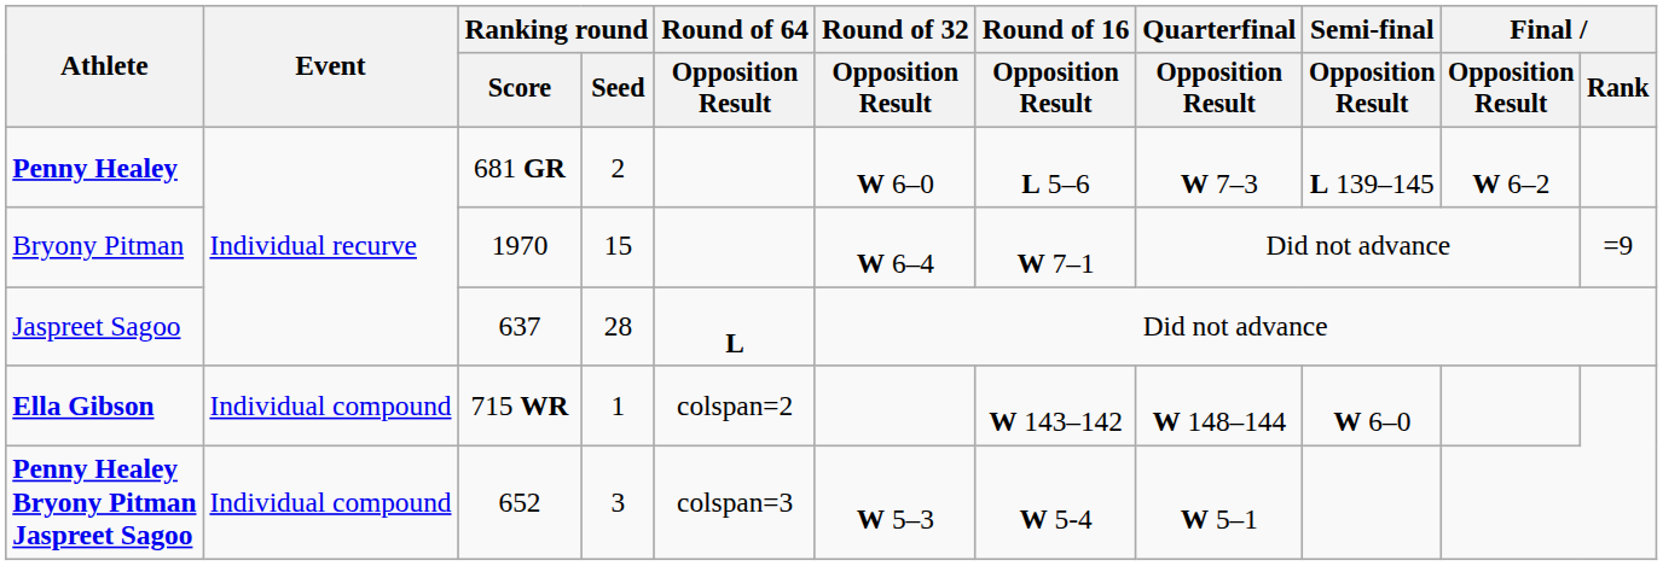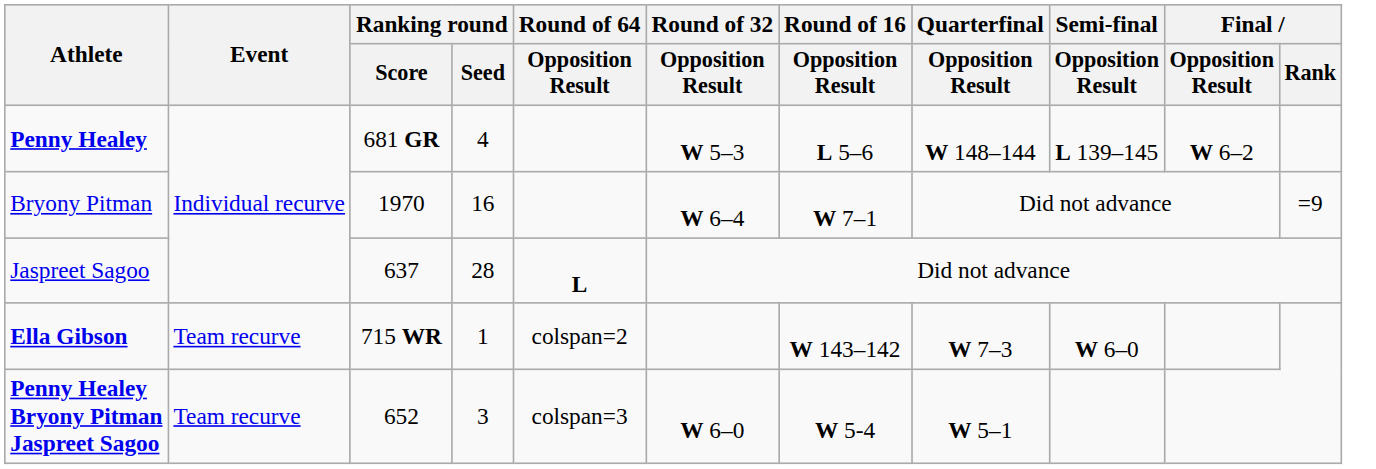 <table class=wikitable style=font-size:90%;text-align:center>
 <tr>
 <th rowspan=2>Athlete</th>
 <th rowspan=2>Event</th>
 <th colspan=2>Ranking round</th>
 <th>Round of 64</th>
 <th>Round of 32</th>
 <th>Round of 16</th>
 <th>Quarterfinal</th>
 <th>Semi-final</th>
 <th colspan=2>Final / </th>
 </tr>
 <tr style=font-size:95%>
 <th>Score</th>
 <th>Seed</th>
 <th>Opposition<br>Result</th>
 <th>Opposition<br>Result</th>
 <th>Opposition<br>Result</th>
 <th>Opposition<br>Result</th>
 <th>Opposition<br>Result</th>
 <th>Opposition<br>Result</th>
 <th>Rank</th>
 </tr>
 <tr>
 <td align=left><strong><a href='#'>Penny Healey</a></strong></td>
 <td align=left rowspan=3><a href='#'>Individual recurve</a></td>
 <td>681 <strong>GR</strong></td>
-<td>2</td>
+<td>4</td>
 <td></td>
-<td><br><strong>W</strong> 6–0</td>
+<td><br><strong>W</strong> 5–3</td>
 <td><br><strong>L</strong> 5–6</td>
-<td><br><strong>W</strong> 7–3</td>
+<td><br><strong>W</strong> 148–144</td>
 <td><br><strong>L</strong> 139–145</td>
 <td><br><strong>W</strong> 6–2</td>
 <td></td>
 </tr>
 <tr>
 <td align=left><a href='#'>Bryony Pitman</a></td>
 <td>1970</td>
-<td>15</td>
+<td>16</td>
 <td></td>
 <td><br><strong>W</strong> 6–4</td>
 <td><br><strong>W</strong> 7–1</td>
 <td colspan=3>Did not advance</td>
 <td>=9</td>
 </tr>
 <tr>
 <td align=left><a href='#'>Jaspreet Sagoo</a></td>
 <td>637</td>
 <td>28</td>
 <td><br><strong>L</strong> </td>
 <td colspan=6>Did not advance</td>
 </tr>
 <tr>
 <td align=left><strong><a href='#'>Ella Gibson</a></strong></td>
-<td align=left><a href='#'>Individual compound</a></td>
+<td align=left><a href='#'>Team recurve</a></td>
 <td>715 <strong>WR</strong></td>
 <td>1</td>
 <td>colspan=2 </td>
 <td></td>
 <td><br><strong>W</strong> 143–142</td>
-<td><br><strong>W</strong> 148–144</td>
+<td><br><strong>W</strong> 7–3</td>
 <td><br><strong>W</strong> 6–0</td>
 <td></td>
 </tr>
 <tr>
 <td align=left><strong><a href='#'>Penny Healey</a></strong><br><strong><a href='#'>Bryony Pitman</a></strong><br><strong><a href='#'>Jaspreet Sagoo</a></strong></td>
-<td align=left><a href='#'>Individual compound</a></td>
+<td align=left><a href='#'>Team recurve</a></td>
 <td>652</td>
 <td>3</td>
 <td>colspan=3 </td>
-<td><br><strong>W</strong> 5–3</td>
+<td><br><strong>W</strong> 6–0</td>
 <td><br> <strong>W</strong> 5-4 </td>
 <td><br><strong>W</strong> 5–1</td>
 <td></td>
 </tr>
 </table>
